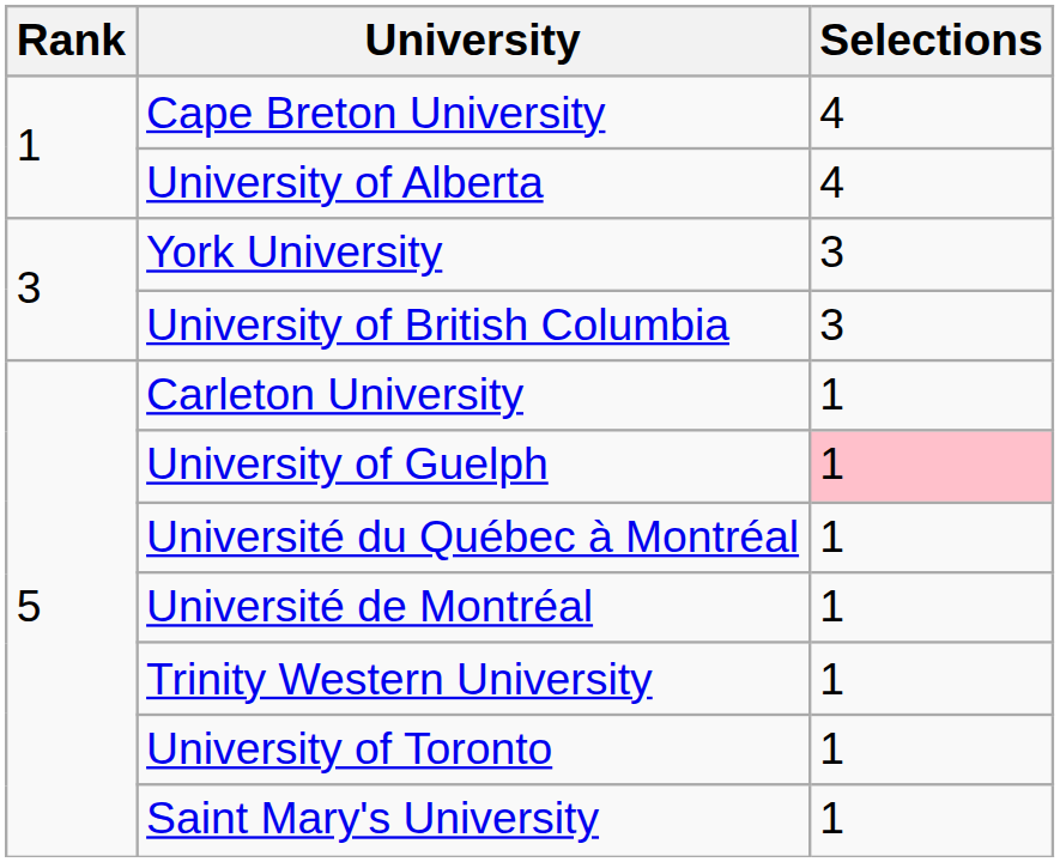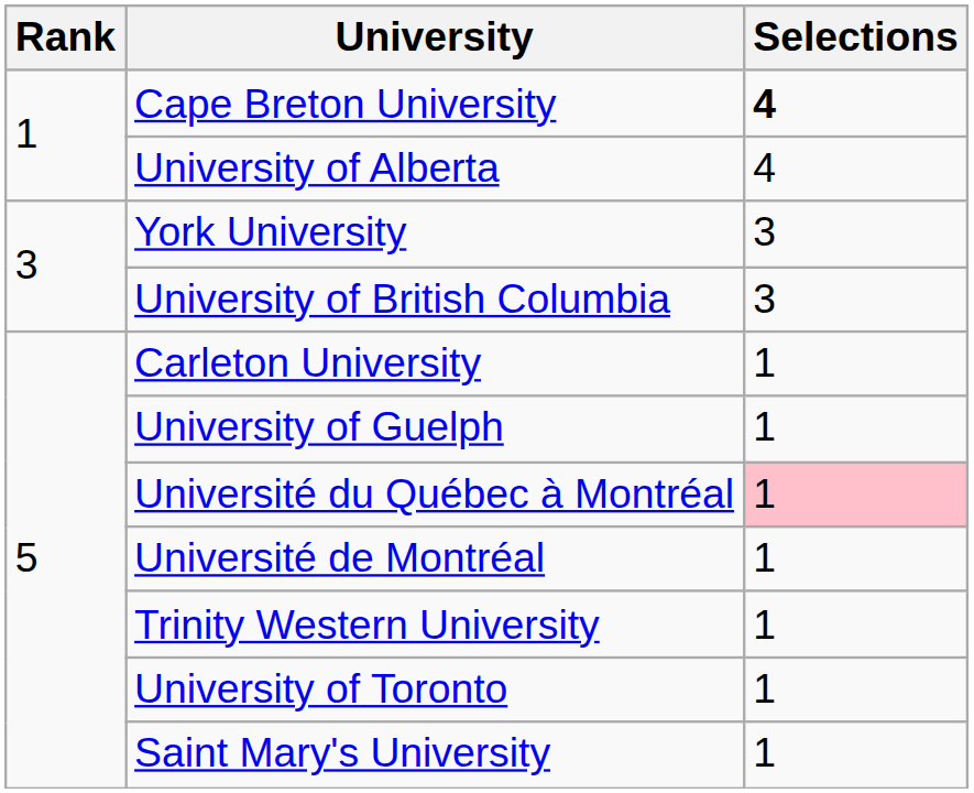 <table class="wikitable">
 <tr>
 <th>Rank</th>
 <th>University</th>
 <th>Selections</th>
 </tr>
 <tr>
 <td rowspan="2">1</td>
 <td><a href='#'>Cape Breton University</a></td>
-<td>4</td>
+<td><strong>4</strong></td>
 </tr>
 <tr>
 <td><a href='#'>University of Alberta</a></td>
 <td>4</td>
 </tr>
 <tr>
 <td rowspan="2">3</td>
 <td><a href='#'>York University</a></td>
 <td>3</td>
 </tr>
 <tr>
 <td><a href='#'>University of British Columbia</a></td>
 <td>3</td>
 </tr>
 <tr>
 <td rowspan="7">5</td>
 <td><a href='#'>Carleton University</a></td>
 <td>1</td>
 </tr>
 <tr>
 <td><a href='#'>University of Guelph</a></td>
-<td style="background: pink;">1</td>
+<td>1</td>
 </tr>
 <tr>
 <td><a href='#'>Université du Québec à Montréal</a></td>
-<td>1</td>
+<td style="background: pink;">1</td>
 </tr>
 <tr>
 <td><a href='#'>Université de Montréal</a></td>
 <td>1</td>
 </tr>
 <tr>
 <td><a href='#'>Trinity Western University</a></td>
 <td>1</td>
 </tr>
 <tr>
 <td><a href='#'>University of Toronto</a></td>
 <td>1</td>
 </tr>
 <tr>
 <td><a href='#'>Saint Mary's University</a></td>
 <td>1</td>
 </tr>
 </table>
